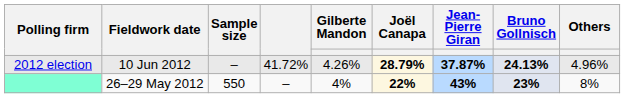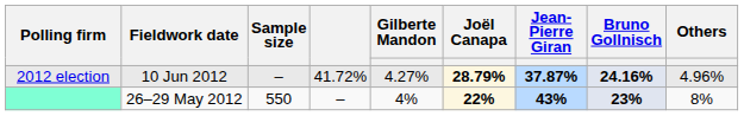 <table class="wikitable sortable" style="text-align:center;font-size:90%;line-height:14px;">
 <tr style="height:40px;">
 <th style="width:100px;" rowspan="2">Polling firm</th>
 <th style="width:110px;" rowspan="2">Fieldwork date</th>
 <th style="width:35px;" rowspan="2">Sample<br>size</th>
 <th style="width:30px;" rowspan="2"></th>
 <th class="unsortable" style="width:60px;">Gilberte Mandon<br></th>
 <th class="unsortable" style="width:60px;">Joël Canapa<br></th>
 <th class="unsortable" style="width:60px;"><a href='#'>Jean-Pierre Giran</a><br></th>
 <th class="unsortable" style="width:60px;"><a href='#'>Bruno Gollnisch</a><br></th>
 <th class="unsortable" style="width:60px;">Others</th>
 </tr>
 <tr>
 <th style="background:"></th>
 <th style="background:"></th>
 <th style="background:"></th>
 <th style="background:"></th>
 <th style="background:"></th>
 </tr>
 <tr style="background:#E9E9E9;">
 <td><a href='#'>2012 election</a></td>
 <td data-sort-value="2012-06-10">10 Jun 2012</td>
 <td>–</td>
 <td>41.72%</td>
-<td>4.26%</td>
+<td>4.27%</td>
 <td style="background:#FDF7E0;"><strong>28.79%</strong></td>
 <td style="background:#B9DAFF;"><strong>37.87%</strong></td>
-<td style="background:#E0E5F0;"><strong>24.13%</strong></td>
+<td style="background:#E0E5F0;"><strong>24.16%</strong></td>
 <td>4.96%</td>
 </tr>
 <tr>
 <td style="background:aquamarine;"></td>
 <td data-sort-value="2012-05-29">26–29 May 2012</td>
 <td>550</td>
 <td>–</td>
 <td>4%</td>
 <td style="background:#FDF7E0;"><strong>22%</strong></td>
 <td style="background:#B9DAFF;"><strong>43%</strong></td>
 <td style="background:#E0E5F0;"><strong>23%</strong></td>
 <td>8%</td>
 </tr>
 </table>
